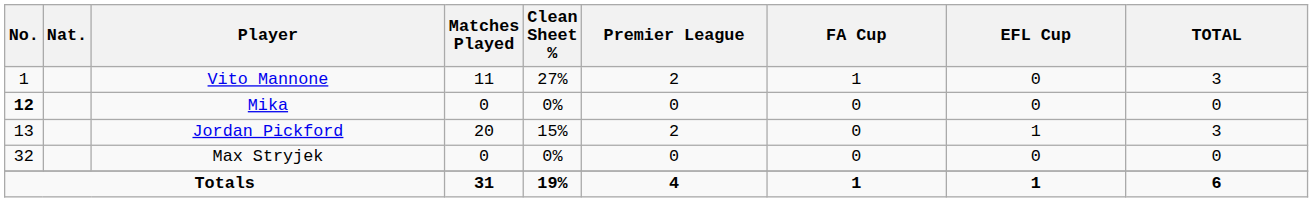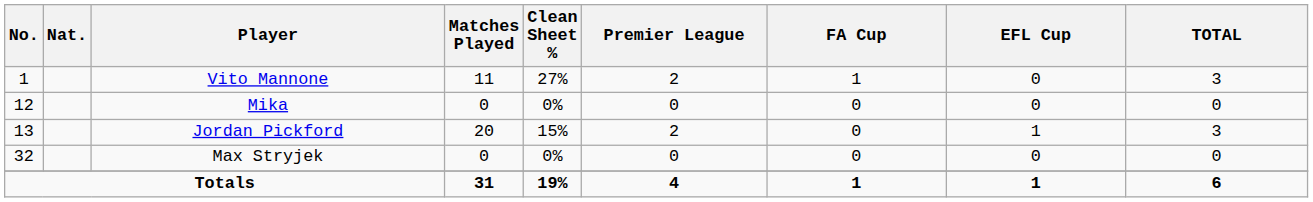 <table class="wikitable sortable alternance" style="font-size:100%; text-align:center; line-height:14px; width:80%">
 <tr>
 <th width=10>No.</th>
 <th width=10>Nat.</th>
 <th scope="col" style="width:300px;">Player</th>
 <th>Matches Played</th>
 <th>Clean Sheet %</th>
 <th width=150>Premier League</th>
 <th width=150>FA Cup</th>
 <th width=150>EFL Cup</th>
 <th width=150>TOTAL</th>
 </tr>
 <tr>
 <td>1</td>
 <td></td>
 <td><a href='#'>Vito Mannone</a></td>
 <td>11</td>
 <td>27%</td>
 <td>2</td>
 <td>1</td>
 <td>0</td>
 <td>3</td>
 </tr>
 <tr>
-<td><strong>12</strong></td>
+<td>12</td>
 <td></td>
 <td><a href='#'>Mika</a></td>
 <td>0</td>
 <td>0%</td>
 <td>0</td>
 <td>0</td>
 <td>0</td>
 <td>0</td>
 </tr>
 <tr>
 <td>13</td>
 <td></td>
 <td><a href='#'>Jordan Pickford</a></td>
 <td>20</td>
 <td>15%</td>
 <td>2</td>
 <td>0</td>
 <td>1</td>
 <td>3</td>
 </tr>
 <tr>
 <td>32</td>
 <td></td>
 <td>Max Stryjek</td>
 <td>0</td>
 <td>0%</td>
 <td>0</td>
 <td>0</td>
 <td>0</td>
 <td>0</td>
 </tr>
 <tr>
 </tr>
 <tr class="sortbottom">
 <td colspan="3"><strong>Totals</strong></td>
 <td><strong>31</strong></td>
 <td><strong>19%</strong></td>
 <td><strong>4</strong></td>
 <td><strong>1</strong></td>
 <td><strong>1</strong></td>
 <td><strong>6</strong></td>
 </tr>
 </table>
